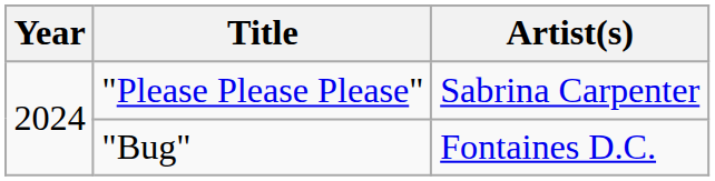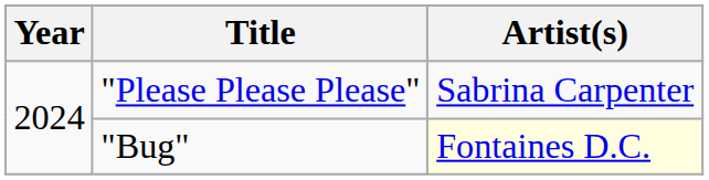 <table class="wikitable plainrowheaders sortable">
 <tr>
 <th scope="col">Year</th>
 <th scope="col">Title</th>
 <th scope="col">Artist(s)</th>
 </tr>
 <tr>
 <td scope="row" rowspan="2">2024</td>
 <td>"<a href='#'>Please Please Please</a>"</td>
 <td><a href='#'>Sabrina Carpenter</a></td>
 </tr>
 <tr>
 <td>"Bug"</td>
-<td><a href='#'>Fontaines D.C.</a></td>
+<td style="background: lightyellow;"><a href='#'>Fontaines D.C.</a></td>
 </tr>
 </table>
